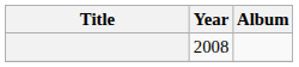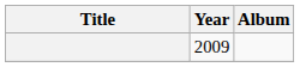 <table class="wikitable plainrowheaders" style="text-align:center;" border="1">
 <tr>
 <th scope="col" style="width:10em;">Title</th>
 <th scope="col">Year</th>
 <th scope="col">Album</th>
 </tr>
 <tr>
 <th scope="row"></th>
-<td>2008</td>
+<td>2009</td>
 <td></td>
 </tr>
 <tr>
 </tr>
 </table>
